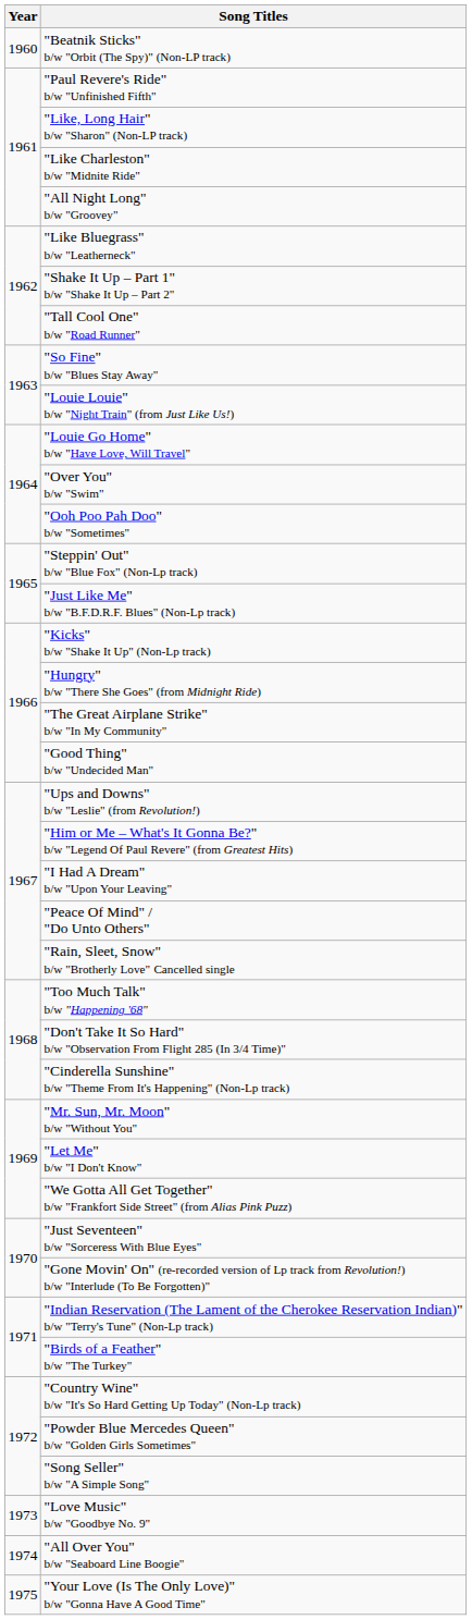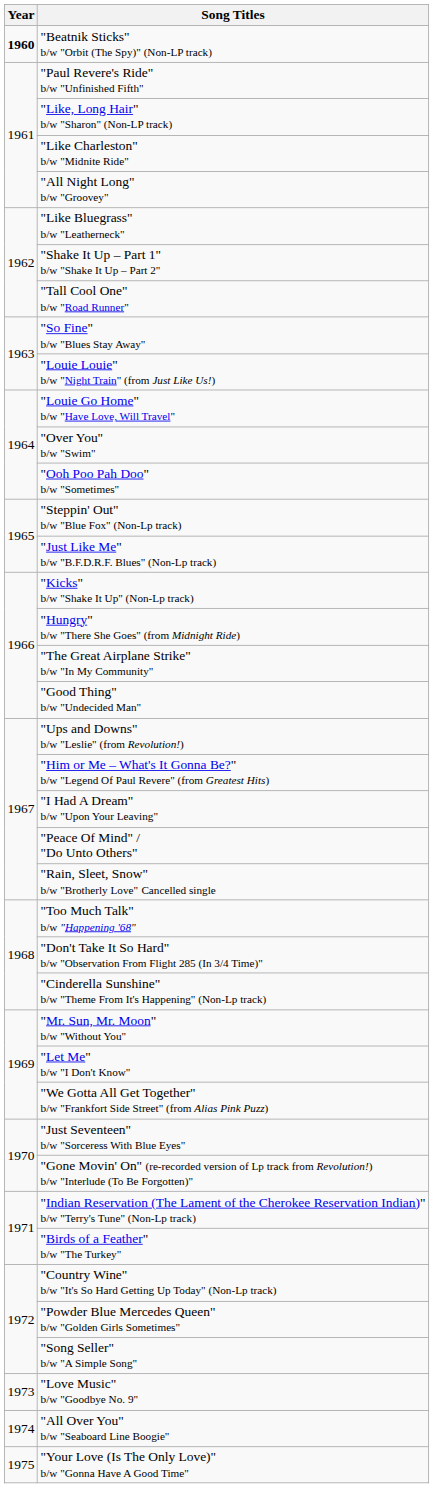 <table class="wikitable">
 <tr>
 <th>Year</th>
 <th>Song Titles</th>
 </tr>
 <tr>
-<td>1960</td>
+<td><strong>1960</strong></td>
 <td>"Beatnik Sticks"<br><small>b/w "Orbit (The Spy)" (Non-LP track)</small></td>
 </tr>
 <tr>
 <td rowspan="4">1961</td>
 <td>"Paul Revere's Ride"<br><small>b/w "Unfinished Fifth"</small></td>
 </tr>
 <tr>
 <td>"<a href='#'>Like, Long Hair</a>"<br><small>b/w "Sharon" (Non-LP track)</small></td>
 </tr>
 <tr>
 <td>"Like Charleston"<br><small>b/w "Midnite Ride"</small></td>
 </tr>
 <tr>
 <td>"All Night Long"<br><small>b/w "Groovey"</small></td>
 </tr>
 <tr>
 <td rowspan="3">1962</td>
 <td>"Like Bluegrass"<br><small>b/w "Leatherneck"</small></td>
 </tr>
 <tr>
 <td>"Shake It Up – Part 1"<br><small>b/w "Shake It Up – Part 2"</small></td>
 </tr>
 <tr>
 <td>"Tall Cool One"<br><small>b/w "<a href='#'>Road Runner</a>"</small></td>
 </tr>
 <tr>
 <td rowspan="2">1963</td>
 <td>"<a href='#'>So Fine</a>"<br><small>b/w "Blues Stay Away"</small></td>
 </tr>
 <tr>
 <td>"<a href='#'>Louie Louie</a>"<br><small>b/w "<a href='#'>Night Train</a>" (from <em>Just Like Us!</em>)</small></td>
 </tr>
 <tr>
 <td rowspan="3">1964</td>
 <td>"<a href='#'>Louie Go Home</a>"<br><small>b/w "<a href='#'>Have Love, Will Travel</a>"</small></td>
 </tr>
 <tr>
 <td>"Over You"<br><small>b/w "Swim"</small></td>
 </tr>
 <tr>
 <td>"<a href='#'>Ooh Poo Pah Doo</a>"<br><small>b/w "Sometimes"</small></td>
 </tr>
 <tr>
 <td rowspan="2">1965</td>
 <td>"Steppin' Out"<br><small>b/w "Blue Fox" (Non-Lp track)</small></td>
 </tr>
 <tr>
 <td>"<a href='#'>Just Like Me</a>"<br><small>b/w "B.F.D.R.F. Blues" (Non-Lp track)</small></td>
 </tr>
 <tr>
 <td rowspan="4">1966</td>
 <td>"<a href='#'>Kicks</a>"<br><small>b/w "Shake It Up" (Non-Lp track)</small></td>
 </tr>
 <tr>
 <td>"<a href='#'>Hungry</a>"<br><small>b/w "There She Goes" (from <em>Midnight Ride</em>)</small></td>
 </tr>
 <tr>
 <td>"The Great Airplane Strike"<br><small>b/w "In My Community"</small></td>
 </tr>
 <tr>
 <td>"Good Thing"<br><small>b/w "Undecided Man"</small></td>
 </tr>
 <tr>
 <td rowspan="5">1967</td>
 <td>"Ups and Downs"<br><small>b/w "Leslie" (from <em>Revolution!</em>)</small></td>
 </tr>
 <tr>
 <td>"<a href='#'>Him or Me – What's It Gonna Be?</a>"<br><small>b/w "Legend Of Paul Revere" (from <em>Greatest Hits</em>)</small></td>
 </tr>
 <tr>
 <td>"I Had A Dream"<br><small>b/w "Upon Your Leaving"</small></td>
 </tr>
 <tr>
 <td>"Peace Of Mind" /<br>"Do Unto Others"</td>
 </tr>
 <tr>
 <td>"Rain, Sleet, Snow"<br><small>b/w "Brotherly Love"</small> <small>Cancelled single</small></td>
 </tr>
 <tr>
 <td rowspan="3">1968</td>
 <td>"Too Much Talk"<br><small>b/w <em>"<a href='#'>Happening '68</a>"</em></small></td>
 </tr>
 <tr>
 <td>"Don't Take It So Hard"<br><small>b/w "Observation From Flight 285 (In 3/4 Time)"</small></td>
 </tr>
 <tr>
 <td>"Cinderella Sunshine"<br><small>b/w "Theme From It's Happening" (Non-Lp track)</small></td>
 </tr>
 <tr>
 <td rowspan="3">1969</td>
 <td>"<a href='#'>Mr. Sun, Mr. Moon</a>"<br><small>b/w "Without You"</small></td>
 </tr>
 <tr>
 <td>"<a href='#'>Let Me</a>"<br><small>b/w "I Don't Know"</small></td>
 </tr>
 <tr>
 <td>"We Gotta All Get Together"<br><small>b/w "Frankfort Side Street" (from <em>Alias Pink Puzz</em>)</small></td>
 </tr>
 <tr>
 <td rowspan="2">1970</td>
 <td>"Just Seventeen"<br><small>b/w "Sorceress With Blue Eyes"</small></td>
 </tr>
 <tr>
 <td>"Gone Movin' On" <small>(re-recorded version of Lp track from <em>Revolution!</em>)</small><br><small>b/w "Interlude (To Be Forgotten)"</small></td>
 </tr>
 <tr>
 <td rowspan="2">1971</td>
 <td>"<a href='#'>Indian Reservation (The Lament of the Cherokee Reservation Indian)</a>"<br><small>b/w "Terry's Tune" (Non-Lp track)</small></td>
 </tr>
 <tr>
 <td>"<a href='#'>Birds of a Feather</a>"<br><small>b/w "The Turkey"</small></td>
 </tr>
 <tr>
 <td rowspan="3">1972</td>
 <td>"Country Wine"<br><small>b/w "It's So Hard Getting Up Today" (Non-Lp track)</small></td>
 </tr>
 <tr>
 <td>"Powder Blue Mercedes Queen"<br><small>b/w "Golden Girls Sometimes"</small></td>
 </tr>
 <tr>
 <td>"Song Seller"<br><small>b/w "A Simple Song"</small></td>
 </tr>
 <tr>
 <td>1973</td>
 <td>"Love Music"<br><small>b/w "Goodbye No. 9"</small></td>
 </tr>
 <tr>
 <td>1974</td>
 <td>"All Over You"<br><small>b/w "Seaboard Line Boogie"</small></td>
 </tr>
 <tr>
 <td>1975</td>
 <td>"Your Love (Is The Only Love)"<br><small>b/w "Gonna Have A Good Time"</small></td>
 </tr>
 </table>
